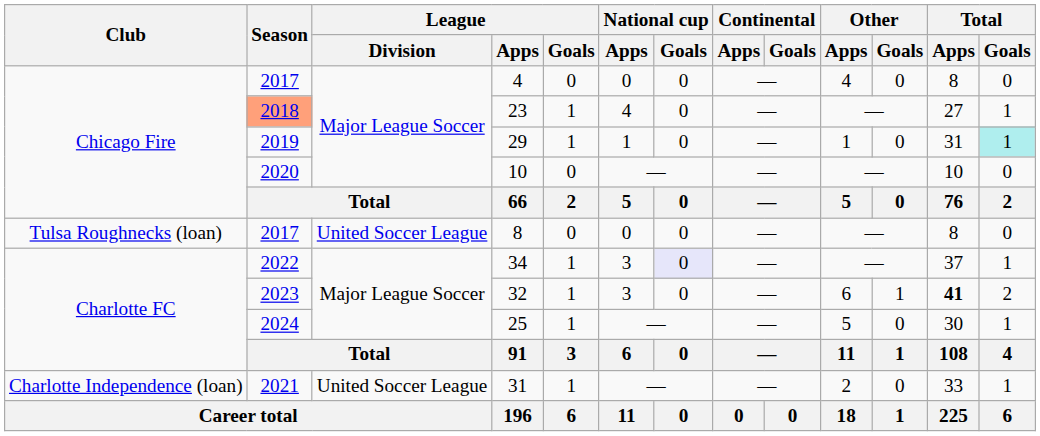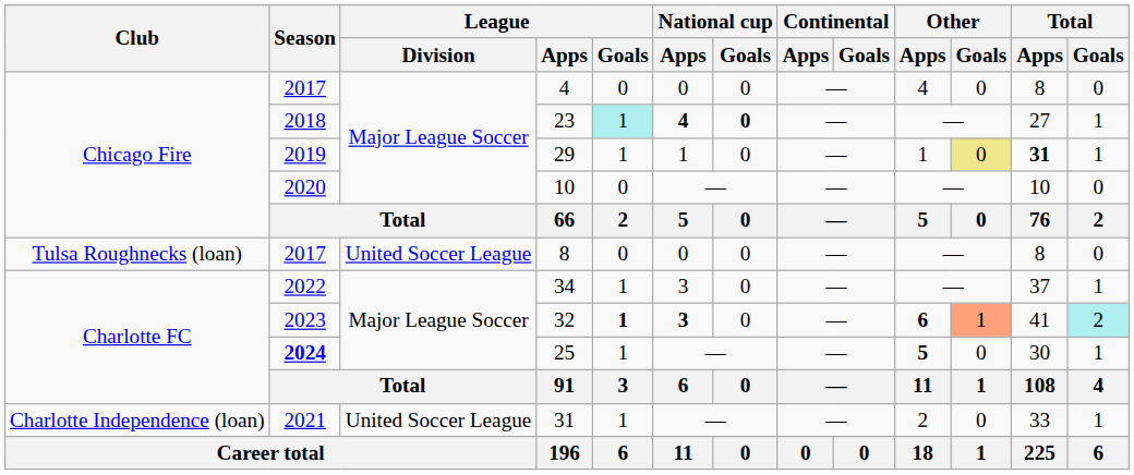 <table class="wikitable" style="text-align:center">
 <tr>
 <th rowspan="2">Club</th>
 <th rowspan="2">Season</th>
 <th colspan="3">League</th>
 <th colspan="2">National cup</th>
 <th colspan="2">Continental</th>
 <th colspan="2">Other</th>
 <th colspan="2">Total</th>
 </tr>
 <tr>
 <th>Division</th>
 <th>Apps</th>
 <th>Goals</th>
 <th>Apps</th>
 <th>Goals</th>
 <th>Apps</th>
 <th>Goals</th>
 <th>Apps</th>
 <th>Goals</th>
 <th>Apps</th>
 <th>Goals</th>
 </tr>
 <tr>
 <td rowspan=5><a href='#'>Chicago Fire</a></td>
 <td><a href='#'>2017</a></td>
 <td rowspan=4><a href='#'>Major League Soccer</a></td>
 <td>4</td>
 <td>0</td>
 <td>0</td>
 <td>0</td>
 <td colspan=2>—</td>
 <td>4</td>
 <td>0</td>
 <td>8</td>
 <td>0</td>
 </tr>
 <tr>
-<td style="background: lightsalmon;"><a href='#'>2018</a></td>
+<td><a href='#'>2018</a></td>
 <td>23</td>
-<td>1</td>
-<td>4</td>
-<td>0</td>
+<td style="background: paleturquoise;">1</td>
+<td><strong>4</strong></td>
+<td><strong>0</strong></td>
 <td colspan=2>—</td>
 <td colspan=2>—</td>
 <td>27</td>
 <td>1</td>
 </tr>
 <tr>
 <td><a href='#'>2019</a></td>
 <td>29</td>
 <td>1</td>
 <td>1</td>
 <td>0</td>
 <td colspan=2>—</td>
 <td>1</td>
-<td>0</td>
-<td>31</td>
-<td style="background: paleturquoise;">1</td>
+<td style="background: khaki;">0</td>
+<td><strong>31</strong></td>
+<td>1</td>
 </tr>
 <tr>
 <td><a href='#'>2020</a></td>
 <td>10</td>
 <td>0</td>
 <td colspan=2>—</td>
 <td colspan=2>—</td>
 <td colspan=2>—</td>
 <td>10</td>
 <td>0</td>
 </tr>
 <tr>
 <th colspan=2>Total</th>
 <th>66</th>
 <th>2</th>
 <th>5</th>
 <th>0</th>
 <th colspan=2>—</th>
 <th>5</th>
 <th>0</th>
 <th>76</th>
 <th>2</th>
 </tr>
 <tr>
 <td><a href='#'>Tulsa Roughnecks</a> (loan)</td>
 <td><a href='#'>2017</a></td>
 <td><a href='#'>United Soccer League</a></td>
 <td>8</td>
 <td>0</td>
 <td>0</td>
 <td>0</td>
 <td colspan=2>—</td>
 <td colspan=2>—</td>
 <td>8</td>
 <td>0</td>
 </tr>
 <tr>
 <td rowspan=4><a href='#'>Charlotte FC</a></td>
 <td><a href='#'>2022</a></td>
 <td rowspan=3>Major League Soccer</td>
 <td>34</td>
 <td>1</td>
 <td>3</td>
-<td style="background: lavender;">0</td>
+<td>0</td>
 <td colspan=2>—</td>
 <td colspan=2>—</td>
 <td>37</td>
 <td>1</td>
 </tr>
 <tr>
 <td><a href='#'>2023</a></td>
 <td>32</td>
-<td>1</td>
-<td>3</td>
+<td><strong>1</strong></td>
+<td><strong>3</strong></td>
 <td>0</td>
 <td colspan=2>—</td>
-<td>6</td>
-<td>1</td>
-<td><strong>41</strong></td>
-<td>2</td>
+<td><strong>6</strong></td>
+<td style="background: lightsalmon;">1</td>
+<td>41</td>
+<td style="background: paleturquoise;">2</td>
 </tr>
 <tr>
-<td><a href='#'>2024</a></td>
+<td><strong><a href='#'>2024</a></strong></td>
 <td>25</td>
 <td>1</td>
 <td colspan=2>—</td>
 <td colspan=2>—</td>
-<td>5</td>
+<td><strong>5</strong></td>
 <td>0</td>
 <td>30</td>
 <td>1</td>
 </tr>
 <tr>
 <th colspan=2>Total</th>
 <th>91</th>
 <th>3</th>
 <th>6</th>
 <th>0</th>
 <th colspan=2>—</th>
 <th>11</th>
 <th>1</th>
 <th>108</th>
 <th>4</th>
 </tr>
 <tr>
 <td><a href='#'>Charlotte Independence</a> (loan)</td>
 <td><a href='#'>2021</a></td>
 <td>United Soccer League</td>
 <td>31</td>
 <td>1</td>
 <td colspan=2>—</td>
 <td colspan=2>—</td>
 <td>2</td>
 <td>0</td>
 <td>33</td>
 <td>1</td>
 </tr>
 <tr>
 <th colspan=3>Career total</th>
 <th>196</th>
 <th>6</th>
 <th>11</th>
 <th>0</th>
 <th>0</th>
 <th>0</th>
 <th>18</th>
 <th>1</th>
 <th>225</th>
 <th>6</th>
 </tr>
 </table>
